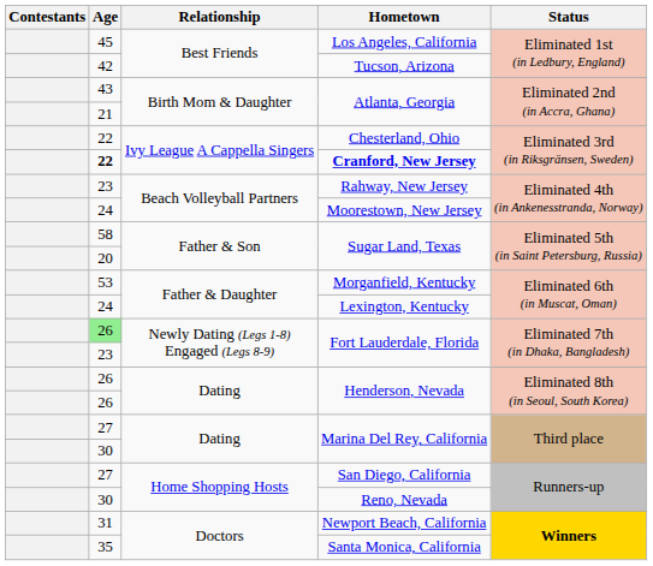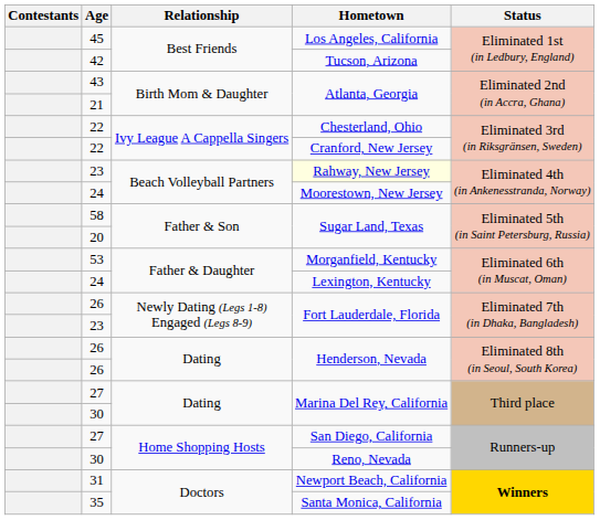 <table class="wikitable sortable" style="text-align:center;">
 <tr>
 <th scope="col">Contestants</th>
 <th scope="col">Age</th>
 <th scope="col" class="unsortable">Relationship</th>
 <th class="unsortable" scope="col">Hometown</th>
 <th scope="col">Status</th>
 </tr>
 <tr>
 <th scope="row"></th>
 <td>45</td>
 <td rowspan="2">Best Friends</td>
 <td><a href='#'>Los Angeles, California</a></td>
 <td rowspan="2" bgcolor="f4c7b8">Eliminated 1st<br><small><em>(in Ledbury, England)</em></small></td>
 </tr>
 <tr>
 <th scope="row"></th>
 <td>42</td>
 <td><a href='#'>Tucson, Arizona</a></td>
 </tr>
 <tr>
 <th scope="row"></th>
 <td>43</td>
 <td rowspan="2">Birth Mom & Daughter</td>
 <td rowspan="2"><a href='#'>Atlanta, Georgia</a></td>
 <td rowspan="2" bgcolor="f4c7b8">Eliminated 2nd<br><small><em>(in Accra, Ghana)</em></small></td>
 </tr>
 <tr>
 <th scope="row"></th>
 <td>21</td>
 </tr>
 <tr>
 <th scope="row"></th>
 <td>22</td>
 <td rowspan="2"><a href='#'>Ivy League</a> <a href='#'>A Cappella Singers</a></td>
 <td><a href='#'>Chesterland, Ohio</a></td>
 <td rowspan="2" bgcolor="f4c7b8">Eliminated 3rd<br><small><em>(in Riksgränsen, Sweden)</em></small></td>
 </tr>
 <tr>
 <th scope="row"></th>
-<td><strong>22</strong></td>
-<td><strong><a href='#'>Cranford, New Jersey</a></strong></td>
+<td>22</td>
+<td><a href='#'>Cranford, New Jersey</a></td>
 </tr>
 <tr>
 <th scope="row"></th>
 <td>23</td>
 <td rowspan="2">Beach Volleyball Partners</td>
-<td><a href='#'>Rahway, New Jersey</a></td>
+<td style="background: lightyellow;"><a href='#'>Rahway, New Jersey</a></td>
 <td rowspan="2" bgcolor="f4c7b8">Eliminated 4th<br><small><em>(in Ankenesstranda, Norway)</em></small></td>
 </tr>
 <tr>
 <th scope="row"></th>
 <td>24</td>
 <td><a href='#'>Moorestown, New Jersey</a></td>
 </tr>
 <tr>
 <th scope="row"></th>
 <td>58</td>
 <td rowspan="2">Father & Son</td>
 <td rowspan="2"><a href='#'>Sugar Land, Texas</a></td>
 <td rowspan="2" bgcolor="f4c7b8">Eliminated 5th<br><small><em>(in Saint Petersburg, Russia)</em></small></td>
 </tr>
 <tr>
 <th scope="row"></th>
 <td>20</td>
 </tr>
 <tr>
 <th scope="row"></th>
 <td>53</td>
 <td rowspan="2">Father & Daughter</td>
 <td><a href='#'>Morganfield, Kentucky</a></td>
 <td rowspan="2" bgcolor="f4c7b8">Eliminated 6th<br><small><em>(in Muscat, Oman)</em></small></td>
 </tr>
 <tr>
 <th scope="row"></th>
 <td>24</td>
 <td><a href='#'>Lexington, Kentucky</a></td>
 </tr>
 <tr>
 <th scope="row"></th>
-<td style="background: lightgreen;">26</td>
+<td>26</td>
 <td rowspan="2">Newly Dating <small><em>(Legs 1-8)</em></small><br>Engaged <small><em>(Legs 8-9)</em></small></td>
 <td rowspan="2"><a href='#'>Fort Lauderdale, Florida</a></td>
 <td rowspan="2" bgcolor="f4c7b8">Eliminated 7th<br><small><em>(in Dhaka, Bangladesh)</em></small></td>
 </tr>
 <tr>
 <th scope="row"></th>
 <td>23</td>
 </tr>
 <tr>
 <th scope="row"></th>
 <td>26</td>
 <td rowspan="2">Dating</td>
 <td rowspan="2"><a href='#'>Henderson, Nevada</a></td>
 <td rowspan="2" bgcolor="f4c7b8">Eliminated 8th<br><small><em>(in Seoul, South Korea)</em></small></td>
 </tr>
 <tr>
 <th scope="row"></th>
 <td>26</td>
 </tr>
 <tr>
 <th scope="row"></th>
 <td>27</td>
 <td rowspan="2">Dating</td>
 <td rowspan="2"><a href='#'>Marina Del Rey, California</a></td>
 <td rowspan="2" bgcolor="tan">Third place</td>
 </tr>
 <tr>
 <th scope="row"></th>
 <td>30</td>
 </tr>
 <tr>
 <th scope="row"></th>
 <td>27</td>
 <td rowspan="2"><a href='#'>Home Shopping Hosts</a></td>
 <td><a href='#'>San Diego, California</a></td>
 <td rowspan="2" bgcolor="silver">Runners-up</td>
 </tr>
 <tr>
 <th scope="row"></th>
 <td>30</td>
 <td><a href='#'>Reno, Nevada</a></td>
 </tr>
 <tr>
 <th scope="row"></th>
 <td>31</td>
 <td rowspan="2">Doctors</td>
 <td><a href='#'>Newport Beach, California</a></td>
 <td rowspan="2" bgcolor="gold"><strong>Winners</strong></td>
 </tr>
 <tr>
 <th scope="row"></th>
 <td>35</td>
 <td><a href='#'>Santa Monica, California</a></td>
 </tr>
 </table>
